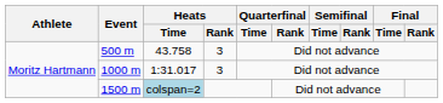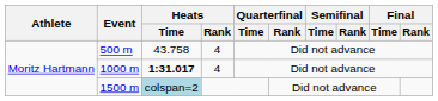 <table class="wikitable" style="font-size:90%">
 <tr>
 <th rowspan=2>Athlete</th>
 <th rowspan=2>Event</th>
 <th colspan=2>Heats</th>
 <th colspan=2>Quarterfinal</th>
 <th colspan=2>Semifinal</th>
 <th colspan=2>Final</th>
 </tr>
 <tr style="font-size:95%">
 <th>Time</th>
 <th>Rank</th>
 <th>Time</th>
 <th>Rank</th>
 <th>Time</th>
 <th>Rank</th>
 <th>Time</th>
 <th>Rank</th>
 </tr>
 <tr align=center>
 <td align=left rowspan=3><a href='#'>Moritz Hartmann</a></td>
 <td align=left><a href='#'>500 m</a></td>
 <td>43.758</td>
-<td>3</td>
+<td>4</td>
 <td colspan=6>Did not advance</td>
 </tr>
 <tr align=center>
 <td align=left><a href='#'>1000 m</a></td>
-<td>1:31.017</td>
-<td>3</td>
+<td><strong>1:31.017</strong></td>
+<td>4</td>
 <td colspan=6>Did not advance</td>
 </tr>
 <tr align=center>
 <td align=left><a href='#'>1500 m</a></td>
 <td style="background: lightblue;">colspan=2</td>
 <td colspan=2></td>
 <td colspan=4>Did not advance</td>
 </tr>
 </table>
